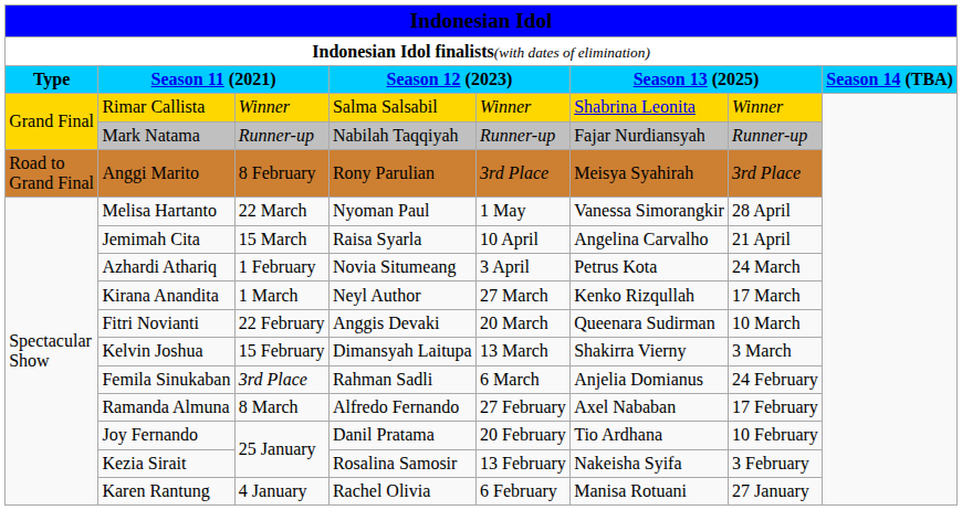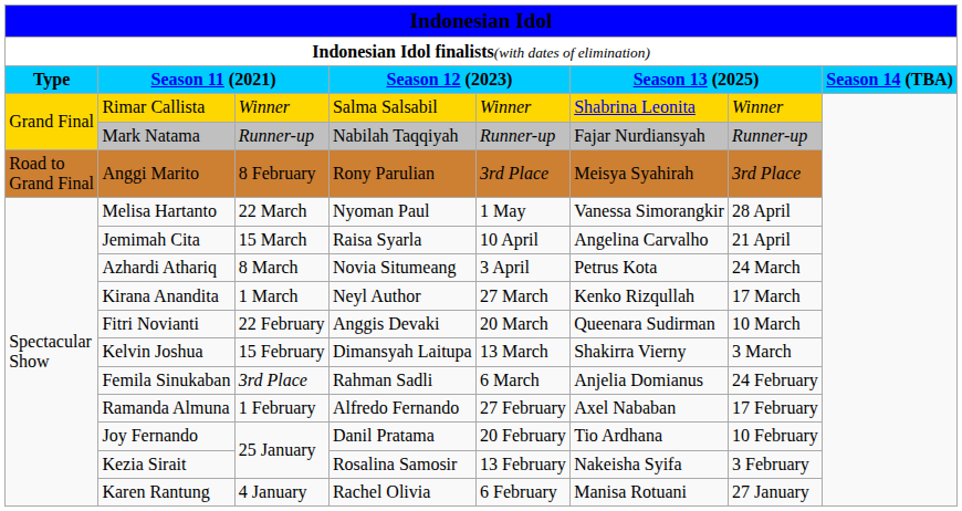 <table class="wikitable">
 <tr>
 <td colspan="11" style="background:#0000FF; text-align:center;"><big><strong><span>Indonesian Idol</span></strong></big></td>
 </tr>
 <tr>
 <td colspan="11" style="background:#FFFFFF; text-align:center;"><strong>Indonesian Idol finalists</strong><small><em>(with dates of elimination)</em></small></td>
 </tr>
 <tr>
 <th style="background:#00CCFF;">Type</th>
 <th colspan="2" style="background:#00CCFF;"><a href='#'>Season 11</a> (2021)</th>
 <th colspan="2" style="background:#00CCFF;"><a href='#'>Season 12</a> (2023)</th>
 <th colspan="2" style="background:#00CCFF;"><a href='#'>Season 13</a> (2025)</th>
 <th colspan="2" style="background:#00CCFF;"><a href='#'>Season 14</a> (TBA)<br></th>
 </tr>
 <tr style="background:gold;">
 <td rowspan="2">Grand Final</td>
 <td>Rimar Callista</td>
 <td><em>Winner</em></td>
 <td>Salma Salsabil</td>
 <td><em>Winner</em></td>
 <td><a href='#'>Shabrina Leonita</a><br></td>
 <td><em>Winner</em></td>
 </tr>
 <tr style="background:silver;">
 <td>Mark Natama</td>
 <td><em>Runner-up</em></td>
 <td>Nabilah Taqqiyah</td>
 <td><em>Runner-up</em></td>
 <td>Fajar Nurdiansyah<br></td>
 <td><em>Runner-up</em></td>
 </tr>
 <tr style="background:#cd7f32;">
 <td>Road to<br>Grand Final</td>
 <td>Anggi Marito</td>
 <td>8 February</td>
 <td>Rony Parulian</td>
 <td><em>3rd Place</em></td>
 <td>Meisya Syahirah<br></td>
 <td><em>3rd Place</em></td>
 </tr>
 <tr>
 <td rowspan="11">Spectacular<br>Show</td>
 <td>Melisa Hartanto</td>
 <td>22 March</td>
 <td>Nyoman Paul</td>
 <td>1 May</td>
 <td>Vanessa Simorangkir<br></td>
 <td>28 April</td>
 </tr>
 <tr>
 <td>Jemimah Cita</td>
 <td>15 March</td>
 <td>Raisa Syarla</td>
 <td>10 April</td>
 <td>Angelina Carvalho<br></td>
 <td>21 April</td>
 </tr>
 <tr>
 <td>Azhardi Athariq</td>
-<td>1 February</td>
+<td>8 March</td>
 <td>Novia Situmeang</td>
 <td>3 April</td>
 <td>Petrus Kota<br></td>
 <td>24 March</td>
 </tr>
 <tr>
 <td>Kirana Anandita</td>
 <td>1 March</td>
 <td>Neyl Author</td>
 <td>27 March</td>
 <td>Kenko Rizqullah<br></td>
 <td>17 March</td>
 </tr>
 <tr>
 <td>Fitri Novianti</td>
 <td>22 February</td>
 <td>Anggis Devaki</td>
 <td>20 March</td>
 <td>Queenara Sudirman<br></td>
 <td>10 March</td>
 </tr>
 <tr>
 <td>Kelvin Joshua</td>
 <td>15 February</td>
 <td>Dimansyah Laitupa</td>
 <td>13 March</td>
 <td>Shakirra Vierny<br></td>
 <td>3 March</td>
 </tr>
 <tr>
 <td>Femila Sinukaban</td>
 <td><em>3rd Place</em></td>
 <td>Rahman Sadli</td>
 <td>6 March</td>
 <td>Anjelia Domianus<br></td>
 <td>24 February</td>
 </tr>
 <tr>
 <td>Ramanda Almuna</td>
-<td>8 March</td>
+<td>1 February</td>
 <td>Alfredo Fernando</td>
 <td>27 February</td>
 <td>Axel Nababan<br></td>
 <td>17 February</td>
 </tr>
 <tr>
 <td>Joy Fernando</td>
 <td rowspan="2">25 January</td>
 <td>Danil Pratama</td>
 <td>20 February</td>
 <td>Tio Ardhana<br></td>
 <td>10 February</td>
 </tr>
 <tr>
 <td>Kezia Sirait</td>
 <td>Rosalina Samosir</td>
 <td>13 February</td>
 <td>Nakeisha Syifa<br></td>
 <td>3 February</td>
 </tr>
 <tr>
 <td>Karen Rantung</td>
 <td>4 January</td>
 <td>Rachel Olivia</td>
 <td>6 February</td>
 <td>Manisa Rotuani<br></td>
 <td>27 January</td>
 </tr>
 </table>
